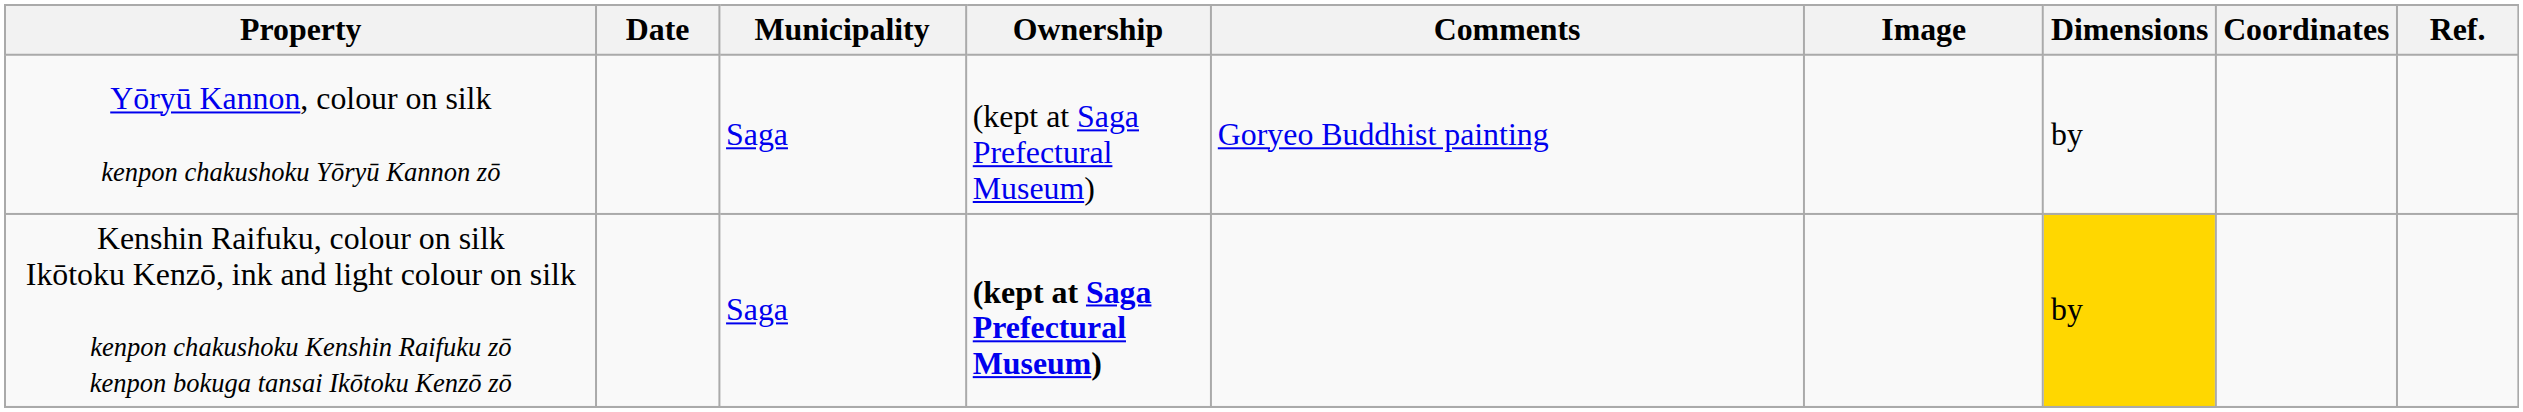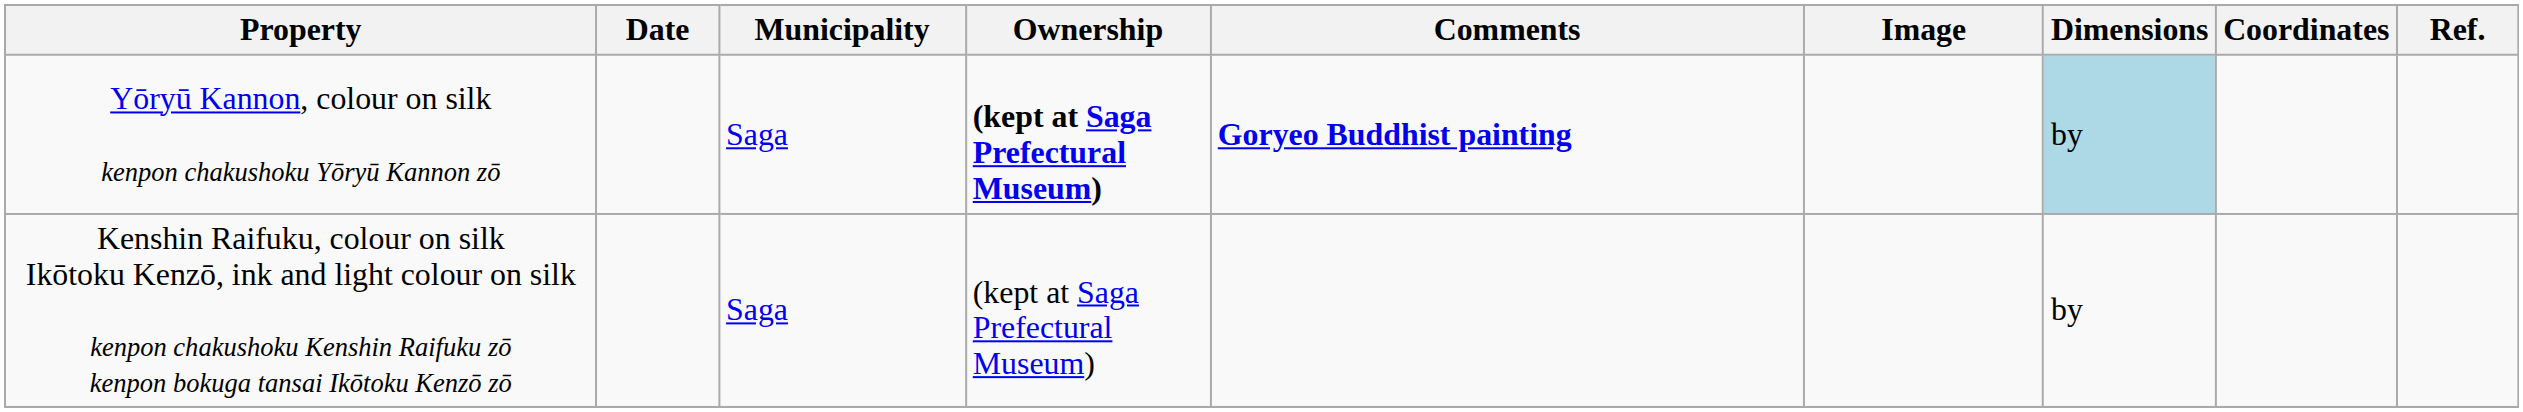 <table class="wikitable sortable"  style="width:100%;">
 <tr>
 <th width="25%" align="left">Property</th>
 <th width="5%" align="left">Date</th>
 <th width="10%" align="left">Municipality</th>
 <th width="10%" align="left">Ownership</th>
 <th width="25%" align="left" class="unsortable">Comments</th>
 <th width="10%" align="left" class="unsortable">Image</th>
 <th width="5%" align="left" class="unsortable">Dimensions</th>
 <th width="5%" align="left" class="unsortable">Coordinates</th>
 <th width="5%" align="left" class="unsortable">Ref.</th>
 </tr>
 <tr>
 <td align="center"><a href='#'>Yōryū Kannon</a>, colour on silk<br><br><small><em>kenpon chakushoku Yōryū Kannon zō</em></small></td>
 <td></td>
 <td><a href='#'>Saga</a></td>
-<td><br>(kept at <a href='#'>Saga Prefectural Museum</a>)</td>
-<td><a href='#'>Goryeo Buddhist painting</a></td>
+<td><strong><br>(kept at <a href='#'>Saga Prefectural Museum</a>)</strong></td>
+<td><strong><a href='#'>Goryeo Buddhist painting</a></strong></td>
 <td></td>
-<td> by </td>
+<td style="background: lightblue;"> by </td>
 <td></td>
 <td></td>
 </tr>
 <tr>
 <td align="center">Kenshin Raifuku, colour on silk<br>Ikōtoku Kenzō, ink and light colour on silk<br><br><small><em>kenpon chakushoku Kenshin Raifuku zō<br>kenpon bokuga tansai Ikōtoku Kenzō zō</em></small></td>
 <td></td>
 <td><a href='#'>Saga</a></td>
-<td><strong><br>(kept at <a href='#'>Saga Prefectural Museum</a>)</strong></td>
+<td><br>(kept at <a href='#'>Saga Prefectural Museum</a>)</td>
 <td></td>
 <td></td>
-<td style="background: gold;"> by </td>
+<td> by </td>
 <td></td>
 <td> </td>
 </tr>
 <tr>
 </tr>
 </table>
